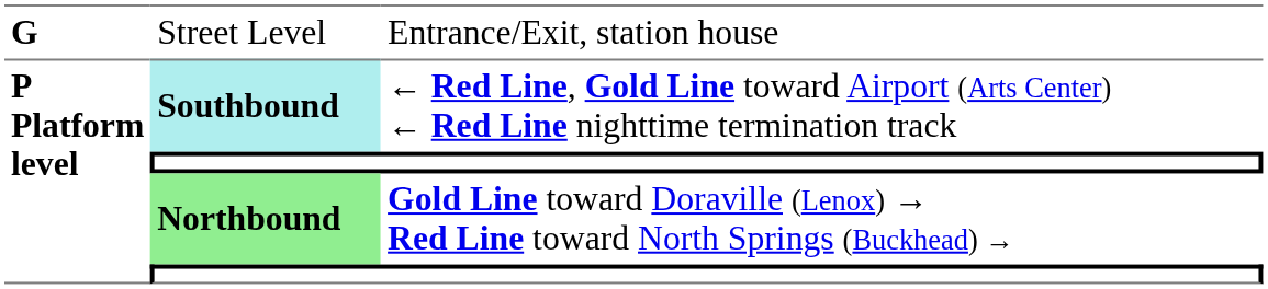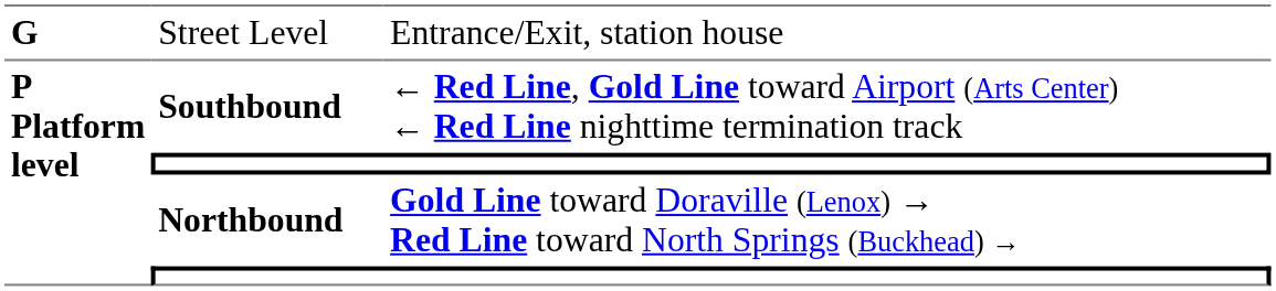 <table table border=0 cellspacing=0 cellpadding=3>
 <tr>
 <td style="border-top:solid 1px gray;" width=50 valign=top><strong>G</strong></td>
 <td style="border-top:solid 1px gray;" width=100 valign=top>Street Level</td>
 <td style="border-top:solid 1px gray;" width=400 valign=top>Entrance/Exit, station house</td>
 </tr>
 <tr>
 <td style="border-top:solid 1px gray;border-bottom:solid 1px gray;" width=50 rowspan=4 valign=top><strong>P<br>Platform level</strong></td>
-<td style="background: paleturquoise; border-top:solid 1px gray;" width=100><strong>Southbound</strong></td>
+<td style="border-top:solid 1px gray;" width=100><strong>Southbound</strong></td>
 <td style="border-top:solid 1px gray;" width=400>← <a href='#'><span><strong>Red Line</strong></span></a>, <a href='#'><span><strong>Gold Line</strong></span></a> toward <a href='#'>Airport</a> <small>(<a href='#'>Arts Center</a>)</small><br> ← <a href='#'><span><strong>Red Line</strong></span></a> nighttime termination track</td>
 </tr>
 <tr>
 <td style="border-top:solid 2px black;border-right:solid 2px black;border-left:solid 2px black;border-bottom:solid 2px black;text-align:center;" colspan=2></td>
 </tr>
 <tr>
-<td style="background: lightgreen;"><strong>Northbound</strong></td>
+<td><strong>Northbound</strong></td>
 <td> <a href='#'><span><strong>Gold Line</strong></span></a> toward <a href='#'>Doraville</a> <small>(<a href='#'>Lenox</a>)</small> →<br> <a href='#'><span><strong>Red Line</strong></span></a>  toward <a href='#'>North Springs</a> <small>(<a href='#'>Buckhead</a>) →</small></td>
 </tr>
 <tr>
 <td style="border-top:solid 2px black;border-right:solid 2px black;border-left:solid 2px black;border-bottom:solid 1px gray;text-align:center;" colspan=2></td>
 </tr>
 </table>
